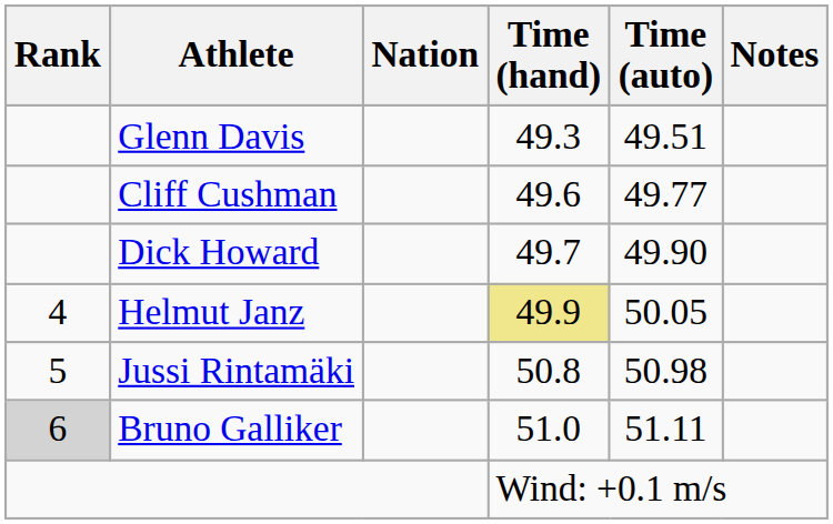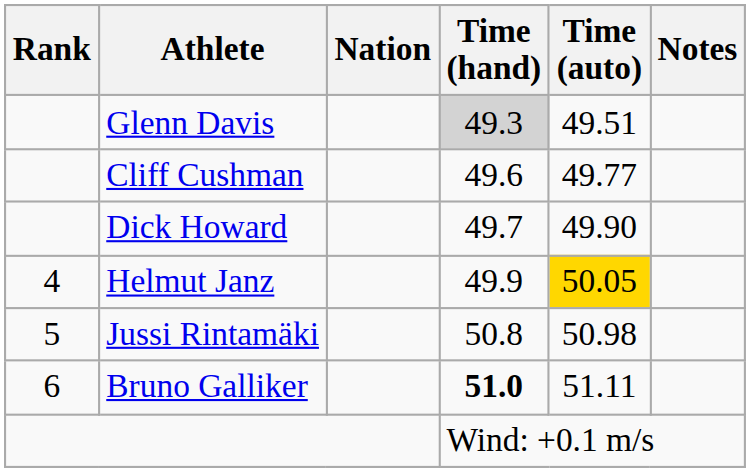 <table class="wikitable sortable" style="text-align:center">
 <tr>
 <th>Rank</th>
 <th>Athlete</th>
 <th>Nation</th>
 <th>Time<br>(hand)</th>
 <th>Time<br>(auto)</th>
 <th>Notes</th>
 </tr>
 <tr>
 <td></td>
 <td align=left><a href='#'>Glenn Davis</a></td>
 <td align=left></td>
-<td>49.3</td>
+<td style="background: lightgrey;">49.3</td>
 <td>49.51</td>
 <td></td>
 </tr>
 <tr>
 <td></td>
 <td align=left><a href='#'>Cliff Cushman</a></td>
 <td align=left></td>
 <td>49.6</td>
 <td>49.77</td>
 <td></td>
 </tr>
 <tr>
 <td></td>
 <td align=left><a href='#'>Dick Howard</a></td>
 <td align=left></td>
 <td>49.7</td>
 <td>49.90</td>
 <td></td>
 </tr>
 <tr>
 <td>4</td>
 <td align=left><a href='#'>Helmut Janz</a></td>
 <td align=left></td>
-<td style="background: khaki;">49.9</td>
-<td>50.05</td>
+<td>49.9</td>
+<td style="background: gold;">50.05</td>
 <td></td>
 </tr>
 <tr>
 <td>5</td>
 <td align=left><a href='#'>Jussi Rintamäki</a></td>
 <td align=left></td>
 <td>50.8</td>
 <td>50.98</td>
 <td></td>
 </tr>
 <tr>
-<td style="background: lightgrey;">6</td>
+<td>6</td>
 <td align=left><a href='#'>Bruno Galliker</a></td>
 <td align=left></td>
-<td>51.0</td>
+<td><strong>51.0</strong></td>
 <td>51.11</td>
 <td></td>
 </tr>
 <tr class="sortbottom">
 <td colspan=3></td>
 <td colspan="3" style="text-align:left;">Wind: +0.1 m/s</td>
 </tr>
 </table>
